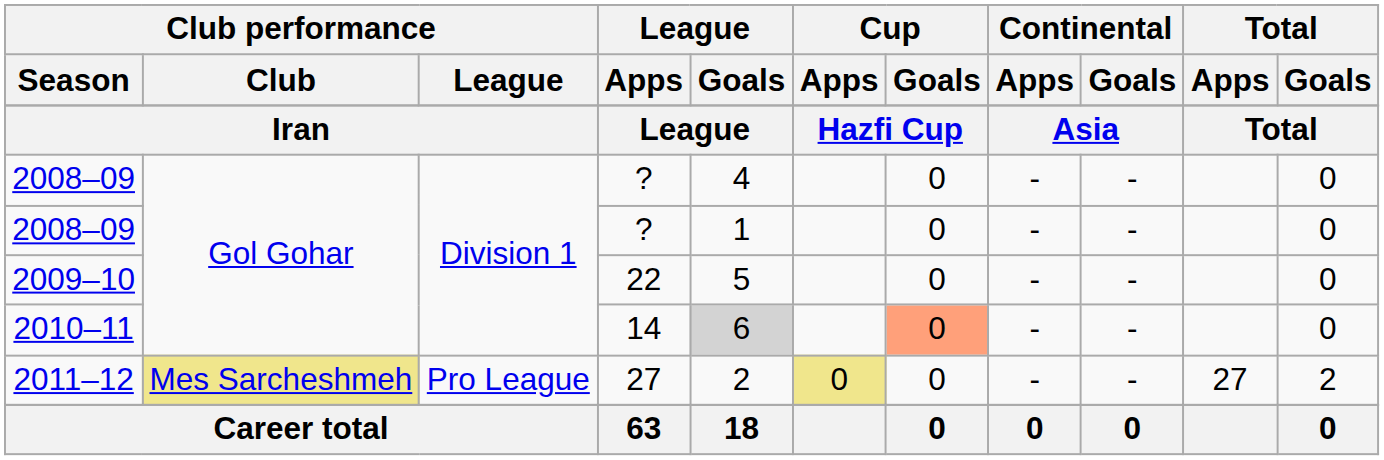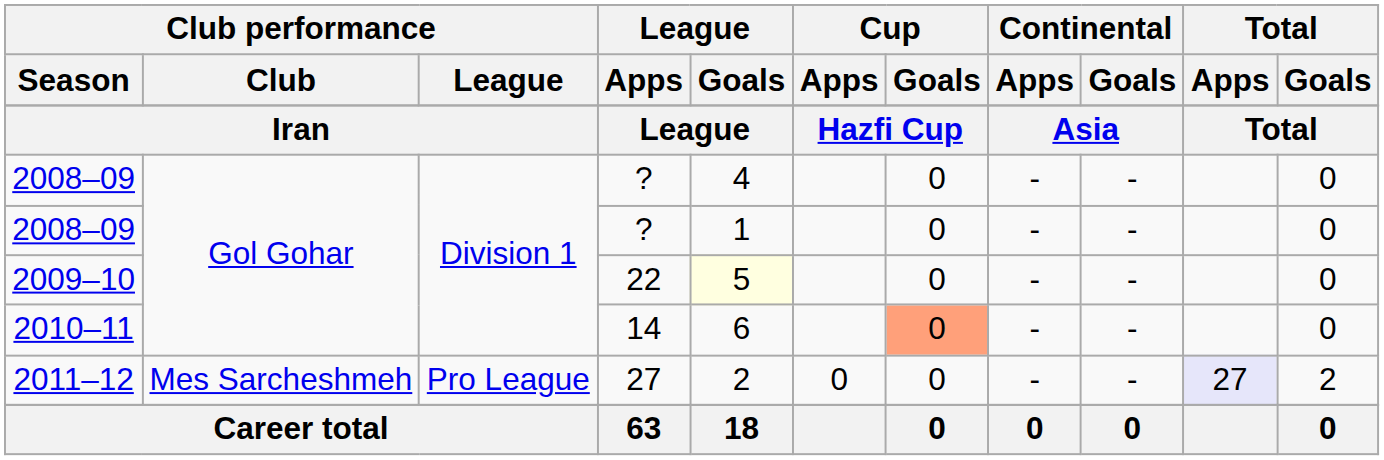 <table class="wikitable" style="text-align:center">
 <tr>
 <th colspan=3>Club performance</th>
 <th colspan=2>League</th>
 <th colspan=2>Cup</th>
 <th colspan=2>Continental</th>
 <th colspan=2>Total</th>
 </tr>
 <tr>
 <th>Season</th>
 <th>Club</th>
 <th>League</th>
 <th>Apps</th>
 <th>Goals</th>
 <th>Apps</th>
 <th>Goals</th>
 <th>Apps</th>
 <th>Goals</th>
 <th>Apps</th>
 <th>Goals</th>
 </tr>
 <tr>
 </tr>
 <tr>
 <th colspan=3>Iran</th>
 <th colspan=2>League</th>
 <th colspan=2><a href='#'>Hazfi Cup</a></th>
 <th colspan=2><a href='#'>Asia</a></th>
 <th colspan=2>Total</th>
 </tr>
 <tr>
 <td><a href='#'>2008–09</a></td>
 <td rowspan="4"><a href='#'>Gol Gohar</a></td>
 <td rowspan="4"><a href='#'>Division 1</a></td>
 <td>?</td>
 <td>4</td>
 <td></td>
 <td>0</td>
 <td>-</td>
 <td>-</td>
 <td></td>
 <td>0</td>
 </tr>
 <tr>
 <td><a href='#'>2008–09</a></td>
 <td>?</td>
 <td>1</td>
 <td></td>
 <td>0</td>
 <td>-</td>
 <td>-</td>
 <td></td>
 <td>0</td>
 </tr>
 <tr>
 <td><a href='#'>2009–10</a></td>
 <td>22</td>
-<td>5</td>
+<td style="background: lightyellow;">5</td>
 <td></td>
 <td>0</td>
 <td>-</td>
 <td>-</td>
 <td></td>
 <td>0</td>
 </tr>
 <tr>
 <td><a href='#'>2010–11</a></td>
 <td>14</td>
-<td style="background: lightgrey;">6</td>
+<td>6</td>
 <td></td>
 <td style="background: lightsalmon;">0</td>
 <td>-</td>
 <td>-</td>
 <td></td>
 <td>0</td>
 </tr>
 <tr>
 <td><a href='#'>2011–12</a></td>
-<td rowspan="1" style="background: khaki;"><a href='#'>Mes Sarcheshmeh</a></td>
+<td rowspan="1"><a href='#'>Mes Sarcheshmeh</a></td>
 <td rowspan="1"><a href='#'>Pro League</a></td>
 <td>27</td>
 <td>2</td>
-<td style="background: khaki;">0</td>
+<td>0</td>
 <td>0</td>
 <td>-</td>
 <td>-</td>
-<td>27</td>
+<td style="background: lavender;">27</td>
 <td>2</td>
 </tr>
 <tr>
 </tr>
 <tr>
 <th colspan=3>Career total</th>
 <th>63</th>
 <th>18</th>
 <th></th>
 <th>0</th>
 <th>0</th>
 <th>0</th>
 <th></th>
 <th>0</th>
 </tr>
 </table>
